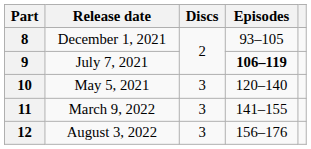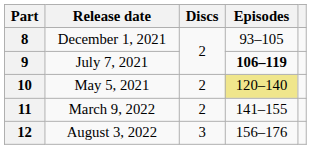 <table class="wikitable" style="text-align: center; width: 26%;">
 <tr>
 <th scope="col">Part</th>
 <th scope="col">Release date</th>
 <th scope="col">Discs</th>
 <th scope="col">Episodes</th>
 <th scope="col"></th>
 </tr>
 <tr>
 <th scope="row">8</th>
 <td>December 1, 2021</td>
 <td rowspan="2">2</td>
 <td>93–105</td>
 <td></td>
 </tr>
 <tr>
 <th scope="row">9</th>
 <td>July 7, 2021</td>
 <td><strong>106–119</strong></td>
 <td></td>
 </tr>
 <tr>
 <th scope="row">10</th>
 <td>May 5, 2021</td>
-<td>3</td>
-<td>120–140</td>
+<td>2</td>
+<td style="background: khaki;">120–140</td>
 <td></td>
 </tr>
 <tr>
 <th scope="row">11</th>
 <td>March 9, 2022</td>
-<td>3</td>
+<td>2</td>
 <td>141–155</td>
 <td></td>
 </tr>
 <tr>
 <th scope="row">12</th>
 <td>August 3, 2022</td>
 <td>3</td>
 <td>156–176</td>
 <td></td>
 </tr>
 </table>
